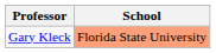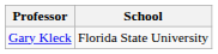 <table class="wikitable">
 <tr>
 <th>Professor</th>
 <th>School</th>
 </tr>
 <tr>
 <td><a href='#'>Gary Kleck</a></td>
-<td style="background: lightsalmon;">Florida State University</td>
+<td>Florida State University</td>
 </tr>
 </table>
